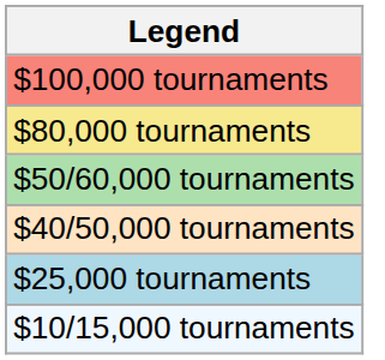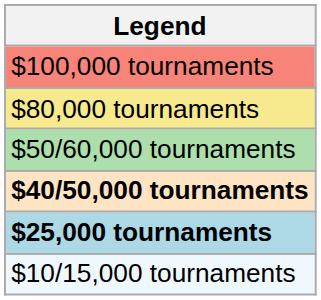 <table class="wikitable" style="font-size:85%">
 <tr>
 <th>Legend</th>
 </tr>
 <tr style="background:#f88379;">
 <td>$100,000 tournaments</td>
 </tr>
 <tr style="background:#f7e98e;">
 <td>$80,000 tournaments</td>
 </tr>
 <tr style="background:#addfad;">
 <td>$50/60,000 tournaments</td>
 </tr>
 <tr style="background:#ffe4c4;">
-<td>$40/50,000 tournaments</td>
+<td><strong>$40/50,000 tournaments</strong></td>
 </tr>
 <tr style="background:lightblue;">
-<td>$25,000 tournaments</td>
+<td><strong>$25,000 tournaments</strong></td>
 </tr>
 <tr style="background:#f0f8ff;">
 <td>$10/15,000 tournaments</td>
 </tr>
 </table>
